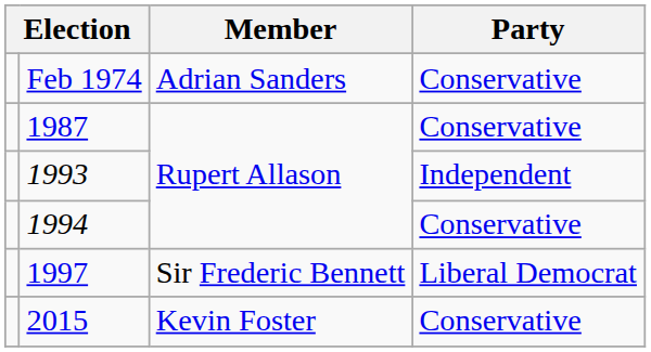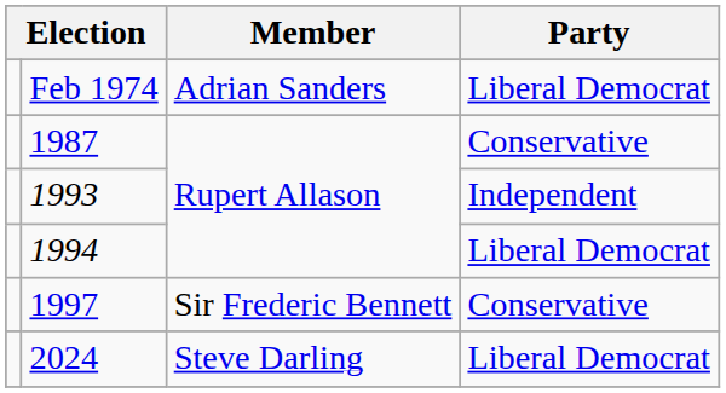 <table class="wikitable">
 <tr>
 <th colspan="2">Election</th>
 <th>Member</th>
 <th>Party</th>
 </tr>
 <tr>
 <td style="color:inherit;background-color: "></td>
 <td><a href='#'>Feb 1974</a></td>
 <td><a href='#'>Adrian Sanders</a></td>
-<td><a href='#'>Conservative</a></td>
+<td><a href='#'>Liberal Democrat</a></td>
 </tr>
 <tr>
 <td style="color:inherit;background-color: "></td>
 <td><a href='#'>1987</a></td>
 <td rowspan=3><a href='#'>Rupert Allason</a></td>
 <td><a href='#'>Conservative</a></td>
 </tr>
 <tr>
 <td style="color:inherit;background-color: "></td>
 <td><em>1993</em></td>
 <td><a href='#'>Independent</a></td>
 </tr>
 <tr>
 <td style="color:inherit;background-color: "></td>
 <td><em>1994</em></td>
-<td><a href='#'>Conservative</a></td>
+<td><a href='#'>Liberal Democrat</a></td>
 </tr>
 <tr>
 <td style="color:inherit;background-color: "></td>
 <td><a href='#'>1997</a></td>
 <td>Sir <a href='#'>Frederic Bennett</a></td>
-<td><a href='#'>Liberal Democrat</a></td>
+<td><a href='#'>Conservative</a></td>
 </tr>
 <tr>
 <td style="color:inherit;background-color: "></td>
-<td><a href='#'>2015</a></td>
-<td><a href='#'>Kevin Foster</a></td>
-<td><a href='#'>Conservative</a></td>
+<td><a href='#'>2024</a></td>
+<td><a href='#'>Steve Darling</a></td>
+<td><a href='#'>Liberal Democrat</a></td>
 </tr>
 </table>
